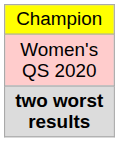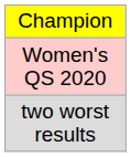 <table class="wikitable"  style="width:15%; text-align:center;">
 <tr>
 <td style="background:yellow;">Champion</td>
 </tr>
 <tr>
 <td style="background:#fcc;">Women's QS 2020</td>
 </tr>
 <tr>
-<td style="background:#dcdcdc;"><strong>two worst results</strong></td>
+<td style="background:#dcdcdc;">two worst results</td>
 </tr>
 </table>
